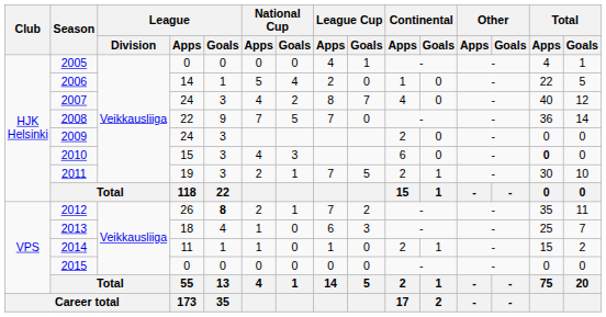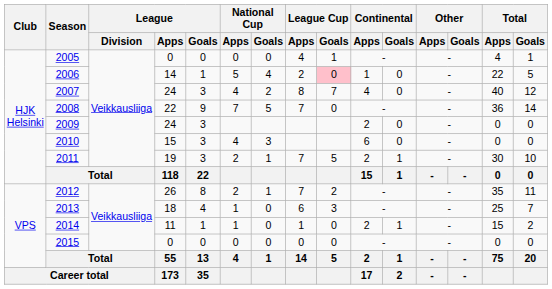 <table class="wikitable" style="text-align: center;">
 <tr>
 <th rowspan="2">Club</th>
 <th rowspan="2">Season</th>
 <th colspan="3">League</th>
 <th colspan="2">National Cup</th>
 <th colspan="2">League Cup</th>
 <th colspan="2">Continental</th>
 <th colspan="2">Other</th>
 <th colspan="2">Total</th>
 </tr>
 <tr>
 <th>Division</th>
 <th>Apps</th>
 <th>Goals</th>
 <th>Apps</th>
 <th>Goals</th>
 <th>Apps</th>
 <th>Goals</th>
 <th>Apps</th>
 <th>Goals</th>
 <th>Apps</th>
 <th>Goals</th>
 <th>Apps</th>
 <th>Goals</th>
 </tr>
 <tr>
 <td rowspan="8" valign="center"><a href='#'>HJK Helsinki</a></td>
 <td><a href='#'>2005</a></td>
 <td rowspan="7" valign="center"><a href='#'>Veikkausliiga</a></td>
 <td>0</td>
 <td>0</td>
 <td>0</td>
 <td>0</td>
 <td>4</td>
 <td>1</td>
 <td colspan="2">-</td>
 <td colspan="2">-</td>
 <td>4</td>
 <td>1</td>
 </tr>
 <tr>
 <td><a href='#'>2006</a></td>
 <td>14</td>
 <td>1</td>
 <td>5</td>
 <td>4</td>
 <td>2</td>
-<td>0</td>
+<td style="background: pink;">0</td>
 <td>1</td>
 <td>0</td>
 <td colspan="2">-</td>
 <td>22</td>
 <td>5</td>
 </tr>
 <tr>
 <td><a href='#'>2007</a></td>
 <td>24</td>
 <td>3</td>
 <td>4</td>
 <td>2</td>
 <td>8</td>
 <td>7</td>
 <td>4</td>
 <td>0</td>
 <td colspan="2">-</td>
 <td>40</td>
 <td>12</td>
 </tr>
 <tr>
 <td><a href='#'>2008</a></td>
 <td>22</td>
 <td>9</td>
 <td>7</td>
 <td>5</td>
 <td>7</td>
 <td>0</td>
 <td colspan="2">-</td>
 <td colspan="2">-</td>
 <td>36</td>
 <td>14</td>
 </tr>
 <tr>
 <td><a href='#'>2009</a></td>
 <td>24</td>
 <td>3</td>
 <td></td>
 <td></td>
 <td></td>
 <td></td>
 <td>2</td>
 <td>0</td>
 <td colspan="2">-</td>
 <td>0</td>
 <td>0</td>
 </tr>
 <tr>
 <td><a href='#'>2010</a></td>
 <td>15</td>
 <td>3</td>
 <td>4</td>
 <td>3</td>
 <td></td>
 <td></td>
 <td>6</td>
 <td>0</td>
 <td colspan="2">-</td>
-<td><strong>0</strong></td>
+<td>0</td>
 <td>0</td>
 </tr>
 <tr>
 <td><a href='#'>2011</a></td>
 <td>19</td>
 <td>3</td>
 <td>2</td>
 <td>1</td>
 <td>7</td>
 <td>5</td>
 <td>2</td>
 <td>1</td>
 <td colspan="2">-</td>
 <td>30</td>
 <td>10</td>
 </tr>
 <tr>
 <th colspan="2">Total</th>
 <th>118</th>
 <th>22</th>
 <th></th>
 <th></th>
 <th></th>
 <th></th>
 <th>15</th>
 <th>1</th>
 <th>-</th>
 <th>-</th>
 <th>0</th>
 <th>0</th>
 </tr>
 <tr>
 <td rowspan="5" valign="center"><a href='#'>VPS</a></td>
 <td><a href='#'>2012</a></td>
 <td rowspan="4" valign="center"><a href='#'>Veikkausliiga</a></td>
 <td>26</td>
-<td><strong>8</strong></td>
+<td>8</td>
 <td>2</td>
 <td>1</td>
 <td>7</td>
 <td>2</td>
 <td colspan="2">-</td>
 <td colspan="2">-</td>
 <td>35</td>
 <td>11</td>
 </tr>
 <tr>
 <td><a href='#'>2013</a></td>
 <td>18</td>
 <td>4</td>
 <td>1</td>
 <td>0</td>
 <td>6</td>
 <td>3</td>
 <td colspan="2">-</td>
 <td colspan="2">-</td>
 <td>25</td>
 <td>7</td>
 </tr>
 <tr>
 <td><a href='#'>2014</a></td>
 <td>11</td>
 <td>1</td>
 <td>1</td>
 <td>0</td>
 <td>1</td>
 <td>0</td>
 <td>2</td>
 <td>1</td>
 <td colspan="2">-</td>
 <td>15</td>
 <td>2</td>
 </tr>
 <tr>
 <td><a href='#'>2015</a></td>
 <td>0</td>
 <td>0</td>
 <td>0</td>
 <td>0</td>
 <td>0</td>
 <td>0</td>
 <td colspan="2">-</td>
 <td colspan="2">-</td>
 <td>0</td>
 <td>0</td>
 </tr>
 <tr>
 <th colspan="2">Total</th>
 <th>55</th>
 <th>13</th>
 <th>4</th>
 <th>1</th>
 <th>14</th>
 <th>5</th>
 <th>2</th>
 <th>1</th>
 <th>-</th>
 <th>-</th>
 <th>75</th>
 <th>20</th>
 </tr>
 <tr>
 <th colspan="3">Career total</th>
 <th>173</th>
 <th>35</th>
 <th></th>
 <th></th>
 <th></th>
 <th></th>
 <th>17</th>
 <th>2</th>
 <th>-</th>
 <th>-</th>
 <th></th>
 <th></th>
 </tr>
 </table>
